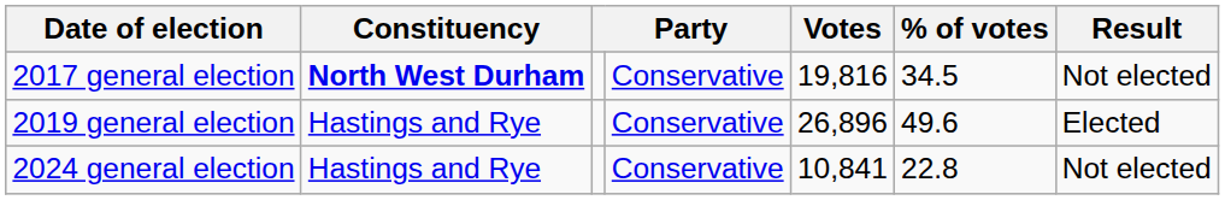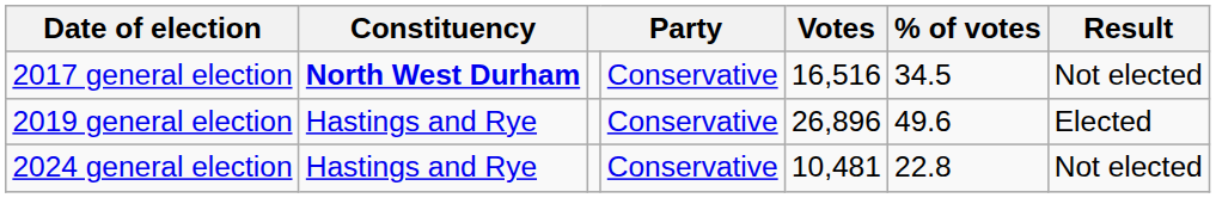 <table class="wikitable">
 <tr>
 <th>Date of election</th>
 <th>Constituency</th>
 <th colspan="2">Party</th>
 <th>Votes</th>
 <th>% of votes</th>
 <th>Result</th>
 </tr>
 <tr>
 <td><a href='#'>2017 general election</a></td>
 <td><strong><a href='#'>North West Durham</a></strong></td>
 <td style="background-color: "></td>
 <td><a href='#'>Conservative</a></td>
-<td>19,816</td>
+<td>16,516</td>
 <td>34.5</td>
 <td>Not elected</td>
 </tr>
 <tr>
 <td><a href='#'>2019 general election</a></td>
 <td><a href='#'>Hastings and Rye</a></td>
 <td style="background-color: "></td>
 <td><a href='#'>Conservative</a></td>
 <td>26,896</td>
 <td>49.6</td>
 <td>Elected</td>
 </tr>
 <tr>
 <td><a href='#'>2024 general election</a></td>
 <td><a href='#'>Hastings and Rye</a></td>
 <td style="background-color: "></td>
 <td><a href='#'>Conservative</a></td>
-<td>10,841</td>
+<td>10,481</td>
 <td>22.8</td>
 <td>Not elected</td>
 </tr>
 </table>
